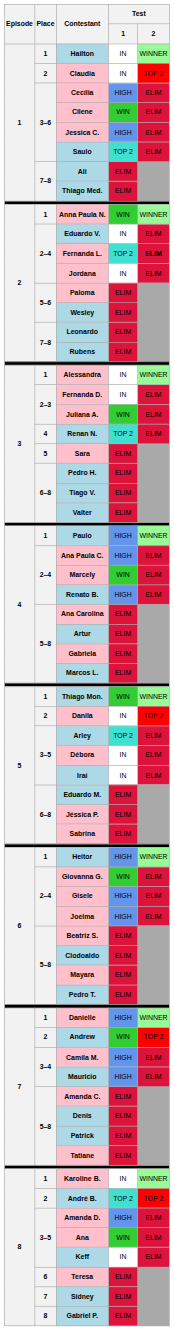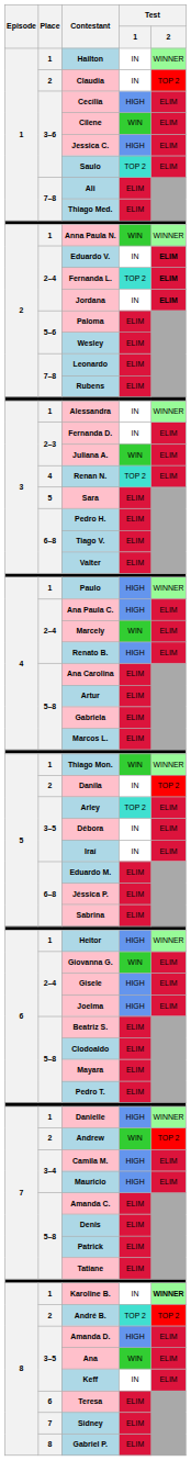 <table class="wikitable" style="text-align: center; font-size:8pt; line-height:25px;">
 <tr>
 <th rowspan=2>Episode</th>
 <th rowspan=2>Place</th>
 <th rowspan=2>Contestant</th>
 <th colspan=2>Test</th>
 </tr>
 <tr>
 <th>1</th>
 <th>2</th>
 </tr>
 <tr>
 <th rowspan=8>1</th>
 <th>1</th>
 <td bgcolor=ADD8E6 width=75><strong>Hailton</strong></td>
 <td bgcolor=FFFFFF width=40>IN</td>
 <td bgcolor=98FB98 width=40>WINNER</td>
 </tr>
 <tr>
 <th>2</th>
 <td bgcolor=FFC0CB><strong>Claudia</strong></td>
 <td bgcolor=FFFFFF>IN</td>
 <td bgcolor=FF0000>TOP 2</td>
 </tr>
 <tr>
 <th rowspan=4>3–6</th>
 <td bgcolor=FFC0CB><strong>Cecília</strong></td>
 <td bgcolor=6495ED>HIGH</td>
 <td bgcolor=DC143C>ELIM</td>
 </tr>
 <tr>
 <td bgcolor=FFC0CB><strong>Cilene</strong></td>
 <td bgcolor=32CD32>WIN</td>
 <td bgcolor=DC143C>ELIM</td>
 </tr>
 <tr>
 <td bgcolor=FFC0CB><strong>Jessica C.</strong></td>
 <td bgcolor=6495ED>HIGH</td>
 <td bgcolor=DC143C>ELIM</td>
 </tr>
 <tr>
 <td bgcolor=ADD8E6><strong>Saulo</strong></td>
 <td bgcolor=40E0D0>TOP 2</td>
 <td bgcolor=DC143C>ELIM</td>
 </tr>
 <tr>
 <th rowspan=2>7–8</th>
 <td bgcolor=ADD8E6><strong>Ali</strong></td>
 <td bgcolor=DC143C>ELIM</td>
 <td bgcolor=A9A9A9 rowspan=2></td>
 </tr>
 <tr>
 <td bgcolor=ADD8E6><strong>Thiago Med.</strong></td>
 <td bgcolor=DC143C>ELIM</td>
 </tr>
 <tr>
 <td bgcolor=000000 colspan=5></td>
 </tr>
 <tr>
 <th rowspan=8>2</th>
 <th>1</th>
 <td bgcolor=FFC0CB><strong>Anna Paula N.</strong></td>
 <td bgcolor=32CD32>WIN</td>
 <td bgcolor=98FB98>WINNER</td>
 </tr>
 <tr>
 <th rowspan=3>2–4</th>
 <td bgcolor=ADD8E6><strong>Eduardo V.</strong></td>
 <td bgcolor=FFFFFF>IN</td>
-<td bgcolor=DC143C>ELIM</td>
+<td bgcolor=DC143C><strong>ELIM</strong></td>
 </tr>
 <tr>
 <td bgcolor=FFC0CB><strong>Fernanda L.</strong></td>
 <td bgcolor=40E0D0>TOP 2</td>
 <td bgcolor=DC143C><strong>ELIM</strong></td>
 </tr>
 <tr>
 <td bgcolor=FFC0CB><strong>Jordana</strong></td>
 <td bgcolor=FFFFFF>IN</td>
-<td bgcolor=DC143C>ELIM</td>
+<td bgcolor=DC143C><strong>ELIM</strong></td>
 </tr>
 <tr>
 <th rowspan=2>5–6</th>
 <td bgcolor=FFC0CB><strong>Paloma</strong></td>
 <td bgcolor=DC143C>ELIM</td>
 <td bgcolor=A9A9A9 rowspan=4></td>
 </tr>
 <tr>
 <td bgcolor=ADD8E6><strong>Wesley</strong></td>
 <td bgcolor=DC143C>ELIM</td>
 </tr>
 <tr>
 <th rowspan=2>7–8</th>
 <td bgcolor=ADD8E6><strong>Leonardo</strong></td>
 <td bgcolor=DC143C>ELIM</td>
 </tr>
 <tr>
 <td bgcolor=ADD8E6><strong>Rubens</strong></td>
 <td bgcolor=DC143C>ELIM</td>
 </tr>
 <tr>
 <td bgcolor=000000 colspan=5></td>
 </tr>
 <tr>
 <th rowspan=8>3</th>
 <th>1</th>
 <td bgcolor=FFC0CB><strong>Alessandra</strong></td>
 <td bgcolor=FFFFFF>IN</td>
 <td bgcolor=98FB98>WINNER</td>
 </tr>
 <tr>
 <th rowspan=2>2–3</th>
 <td bgcolor=FFC0CB><strong>Fernanda D.</strong></td>
 <td bgcolor=FFFFFF>IN</td>
 <td bgcolor=DC143C>ELIM</td>
 </tr>
 <tr>
 <td bgcolor=FFC0CB><strong>Juliana A.</strong></td>
 <td bgcolor=32CD32>WIN</td>
 <td bgcolor=DC143C>ELIM</td>
 </tr>
 <tr>
 <th>4</th>
 <td bgcolor=ADD8E6><strong>Renan N.</strong></td>
 <td bgcolor=40E0D0>TOP 2</td>
 <td bgcolor=DC143C>ELIM</td>
 </tr>
 <tr>
 <th>5</th>
 <td bgcolor=FFC0CB><strong>Sara</strong></td>
 <td bgcolor=DC143C>ELIM</td>
 <td bgcolor=A9A9A9 rowspan=4></td>
 </tr>
 <tr>
 <th rowspan=3>6–8</th>
 <td bgcolor=ADD8E6><strong>Pedro H.</strong></td>
 <td bgcolor=DC143C>ELIM</td>
 </tr>
 <tr>
 <td bgcolor=ADD8E6><strong>Tiago V.</strong></td>
 <td bgcolor=DC143C>ELIM</td>
 </tr>
 <tr>
 <td bgcolor=ADD8E6><strong>Valter</strong></td>
 <td bgcolor=DC143C>ELIM</td>
 </tr>
 <tr>
 <td bgcolor=000000 colspan=5></td>
 </tr>
 <tr>
 <th rowspan=8>4</th>
 <th>1</th>
 <td bgcolor=ADD8E6><strong>Paulo</strong></td>
 <td bgcolor=6495ED>HIGH</td>
 <td bgcolor=98FB98>WINNER</td>
 </tr>
 <tr>
 <th rowspan=3>2–4</th>
 <td bgcolor=FFC0CB><strong>Ana Paula C.</strong></td>
 <td bgcolor=6495ED>HIGH</td>
 <td bgcolor=DC143C>ELIM</td>
 </tr>
 <tr>
 <td bgcolor=FFC0CB><strong>Marcely</strong></td>
 <td bgcolor=32CD32>WIN</td>
 <td bgcolor=DC143C>ELIM</td>
 </tr>
 <tr>
 <td bgcolor=ADD8E6><strong>Renato B.</strong></td>
 <td bgcolor=6495ED>HIGH</td>
 <td bgcolor=DC143C>ELIM</td>
 </tr>
 <tr>
 <th rowspan=4>5–8</th>
 <td bgcolor=FFC0CB><strong>Ana Carolina</strong></td>
 <td bgcolor=DC143C>ELIM</td>
 <td bgcolor=A9A9A9 rowspan=4></td>
 </tr>
 <tr>
 <td bgcolor=ADD8E6><strong>Artur</strong></td>
 <td bgcolor=DC143C>ELIM</td>
 </tr>
 <tr>
 <td bgcolor=FFC0CB><strong>Gabriela</strong></td>
 <td bgcolor=DC143C>ELIM</td>
 </tr>
 <tr>
 <td bgcolor=ADD8E6><strong>Marcos L.</strong></td>
 <td bgcolor=DC143C>ELIM</td>
 </tr>
 <tr>
 <td bgcolor=000000 colspan=5></td>
 </tr>
 <tr>
 <th rowspan=8>5</th>
 <th>1</th>
 <td bgcolor=ADD8E6><strong>Thiago Mon.</strong></td>
 <td bgcolor=32CD32>WIN</td>
 <td bgcolor=98FB98>WINNER</td>
 </tr>
 <tr>
 <th>2</th>
 <td bgcolor=FFC0CB><strong>Danila</strong></td>
 <td bgcolor=FFFFFF>IN</td>
 <td bgcolor=FF0000>TOP 2</td>
 </tr>
 <tr>
 <th rowspan=3>3–5</th>
 <td bgcolor=ADD8E6><strong>Arley</strong></td>
 <td bgcolor=40E0D0>TOP 2</td>
 <td bgcolor=DC143C>ELIM</td>
 </tr>
 <tr>
 <td bgcolor=FFC0CB><strong>Débora</strong></td>
 <td bgcolor=FFFFFF>IN</td>
 <td bgcolor=DC143C>ELIM</td>
 </tr>
 <tr>
 <td bgcolor=ADD8E6><strong>Iraí</strong></td>
 <td bgcolor=FFFFFF>IN</td>
 <td bgcolor=DC143C>ELIM</td>
 </tr>
 <tr>
 <th rowspan=3>6–8</th>
 <td bgcolor=ADD8E6><strong>Eduardo M.</strong></td>
 <td bgcolor=DC143C>ELIM</td>
 <td bgcolor=A9A9A9 rowspan=3></td>
 </tr>
 <tr>
 <td bgcolor=FFC0CB><strong>Jéssica P.</strong></td>
 <td bgcolor=DC143C>ELIM</td>
 </tr>
 <tr>
 <td bgcolor=FFC0CB><strong>Sabrina</strong></td>
 <td bgcolor=DC143C>ELIM</td>
 </tr>
 <tr>
 <td bgcolor=000000 colspan=5></td>
 </tr>
 <tr>
 <th rowspan=8>6</th>
 <th>1</th>
 <td bgcolor=ADD8E6><strong>Heitor</strong></td>
 <td bgcolor=6495ED>HIGH</td>
 <td bgcolor=98FB98>WINNER</td>
 </tr>
 <tr>
 <th rowspan=3>2–4</th>
 <td bgcolor=FFC0CB><strong>Giovanna G.</strong></td>
 <td bgcolor=32CD32>WIN</td>
 <td bgcolor=DC143C>ELIM</td>
 </tr>
 <tr>
 <td bgcolor=FFC0CB><strong>Gisele</strong></td>
 <td bgcolor=6495ED>HIGH</td>
 <td bgcolor=DC143C>ELIM</td>
 </tr>
 <tr>
 <td bgcolor=FFC0CB><strong>Joelma</strong></td>
 <td bgcolor=6495ED>HIGH</td>
 <td bgcolor=DC143C>ELIM</td>
 </tr>
 <tr>
 <th rowspan=4>5–8</th>
 <td bgcolor=FFC0CB><strong>Beatriz S.</strong></td>
 <td bgcolor=DC143C>ELIM</td>
 <td bgcolor=A9A9A9 rowspan=4></td>
 </tr>
 <tr>
 <td bgcolor=ADD8E6><strong>Clodoaldo</strong></td>
 <td bgcolor=DC143C>ELIM</td>
 </tr>
 <tr>
 <td bgcolor=FFC0CB><strong>Mayara</strong></td>
 <td bgcolor=DC143C>ELIM</td>
 </tr>
 <tr>
 <td bgcolor=ADD8E6><strong>Pedro T.</strong></td>
 <td bgcolor=DC143C>ELIM</td>
 </tr>
 <tr>
 <td bgcolor=000000 colspan=5></td>
 </tr>
 <tr>
 <th rowspan=8>7</th>
 <th>1</th>
 <td bgcolor=FFC0CB><strong>Danielle</strong></td>
 <td bgcolor=6495ED>HIGH</td>
 <td bgcolor=98FB98>WINNER</td>
 </tr>
 <tr>
 <th>2</th>
 <td bgcolor=ADD8E6><strong>Andrew</strong></td>
 <td bgcolor=32CD32>WIN</td>
 <td bgcolor=FF0000>TOP 2</td>
 </tr>
 <tr>
 <th rowspan=2>3–4</th>
 <td bgcolor=FFC0CB><strong>Camila M.</strong></td>
 <td bgcolor=6495ED>HIGH</td>
 <td bgcolor=DC143C>ELIM</td>
 </tr>
 <tr>
 <td bgcolor=ADD8E6><strong>Mauricio</strong></td>
 <td bgcolor=6495ED>HIGH</td>
 <td bgcolor=DC143C>ELIM</td>
 </tr>
 <tr>
 <th rowspan=4>5–8</th>
 <td bgcolor=FFC0CB><strong>Amanda C.</strong></td>
 <td bgcolor=DC143C>ELIM</td>
 <td bgcolor=A9A9A9 rowspan=4></td>
 </tr>
 <tr>
 <td bgcolor=ADD8E6><strong>Denis</strong></td>
 <td bgcolor=DC143C>ELIM</td>
 </tr>
 <tr>
 <td bgcolor=ADD8E6><strong>Patrick</strong></td>
 <td bgcolor=DC143C>ELIM</td>
 </tr>
 <tr>
 <td bgcolor=FFC0CB><strong>Tatiane</strong></td>
 <td bgcolor=DC143C>ELIM</td>
 </tr>
 <tr>
 <td bgcolor=000000 colspan=5></td>
 </tr>
 <tr>
 <th rowspan=8>8</th>
 <th>1</th>
 <td bgcolor=FFC0CB><strong>Karoline B.</strong></td>
 <td bgcolor=FFFFFF>IN</td>
-<td bgcolor=98FB98>WINNER</td>
+<td bgcolor=98FB98><strong>WINNER</strong></td>
 </tr>
 <tr>
 <th>2</th>
 <td bgcolor=ADD8E6><strong>André B.</strong></td>
 <td bgcolor=40E0D0>TOP 2</td>
 <td bgcolor=FF0000>TOP 2</td>
 </tr>
 <tr>
 <th rowspan=3>3–5</th>
 <td bgcolor=FFC0CB><strong>Amanda D.</strong></td>
 <td bgcolor=6495ED>HIGH</td>
 <td bgcolor=DC143C>ELIM</td>
 </tr>
 <tr>
 <td bgcolor=FFC0CB><strong>Ana</strong></td>
 <td bgcolor=32CD32>WIN</td>
 <td bgcolor=DC143C>ELIM</td>
 </tr>
 <tr>
 <td bgcolor=ADD8E6><strong>Keff</strong></td>
 <td bgcolor=FFFFFF>IN</td>
 <td bgcolor=DC143C>ELIM</td>
 </tr>
 <tr>
 <th>6</th>
 <td bgcolor=FFC0CB><strong>Teresa</strong></td>
 <td bgcolor=DC143C>ELIM</td>
 <td bgcolor=A9A9A9 rowspan=3></td>
 </tr>
 <tr>
 <th>7</th>
 <td bgcolor=ADD8E6><strong>Sidney</strong></td>
 <td bgcolor=DC143C>ELIM</td>
 </tr>
 <tr>
 <th>8</th>
 <td bgcolor=ADD8E6><strong>Gabriel P.</strong></td>
 <td bgcolor=DC143C>ELIM</td>
 </tr>
 </table>
